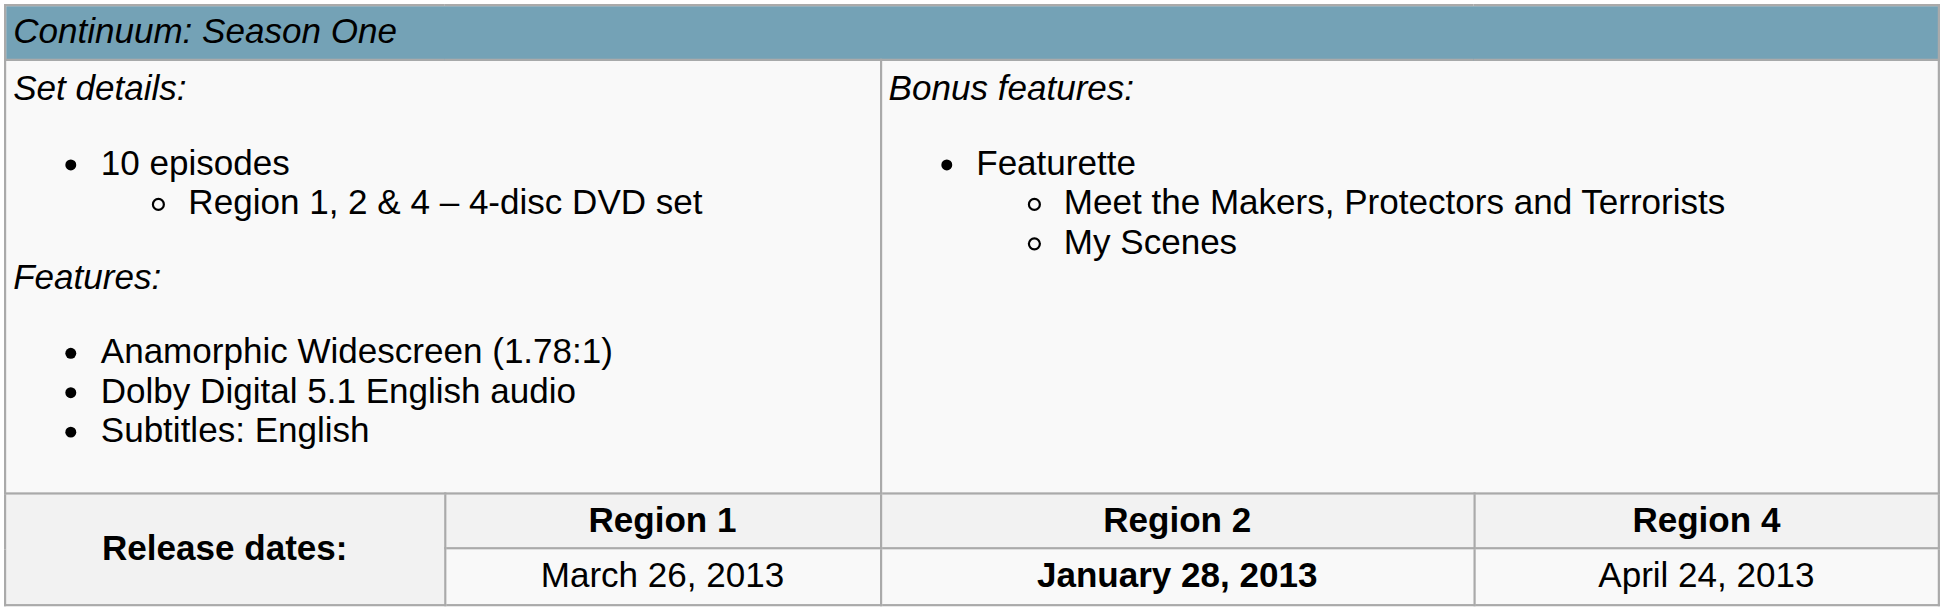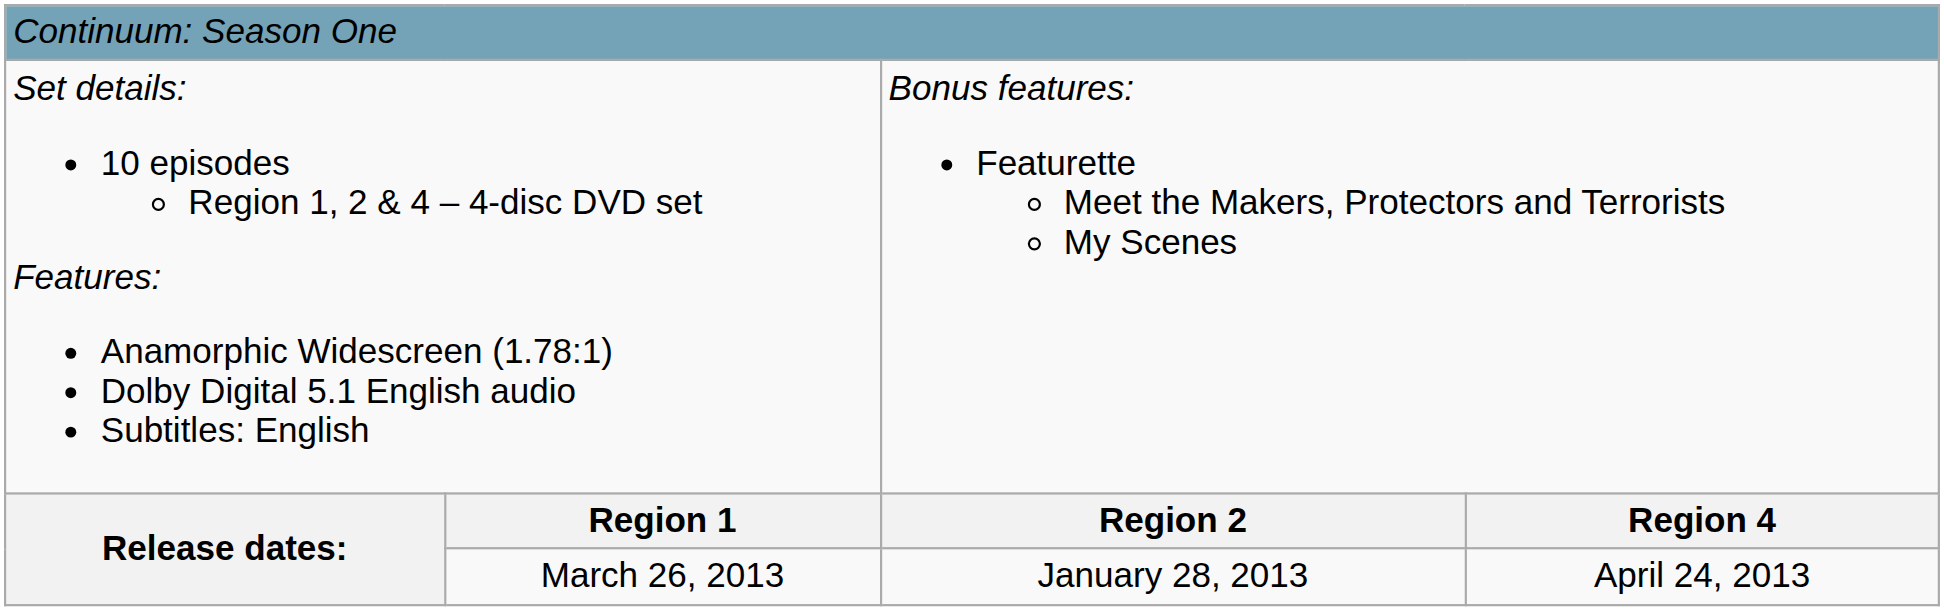 <table class="wikitable" width=100%>
 <tr>
 <td colspan="5" style="background:#74A2B6; color:#000;"><em>Continuum: Season One</em></td>
 </tr>
 <tr>
 <td colspan="2" valign=top><em>Set details:</em><br><ul><li>10 episodes<ul><li>Region 1, 2 & 4 – 4-disc DVD set</li></ul></li></ul><em>Features:</em><ul><li>Anamorphic Widescreen (1.78:1)</li><li>Dolby Digital 5.1 English audio</li><li>Subtitles: English</li></ul></td>
 <td colspan="3" valign=top><em>Bonus features:</em><br><ul><li>Featurette<ul><li>Meet the Makers, Protectors and Terrorists</li><li>My Scenes</li></ul></li></ul></td>
 </tr>
 <tr>
 <th rowspan="2">Release dates:</th>
 <th>Region 1</th>
 <th>Region 2</th>
 <th>Region 4</th>
 </tr>
 <tr>
 <td align="center">March 26, 2013</td>
-<td align="center"><strong>January 28, 2013</strong></td>
+<td align="center">January 28, 2013</td>
 <td align="center">April 24, 2013</td>
 </tr>
 </table>
